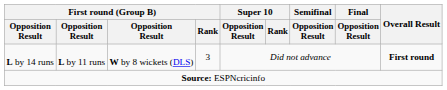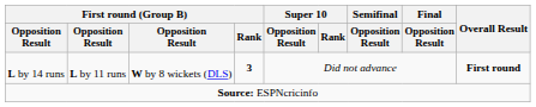 <table class=wikitable style=font-size:90%;text-align:center>
 <tr>
 <th colspan=4>First round (Group B)</th>
 <th colspan=2>Super 10</th>
 <th>Semifinal</th>
 <th>Final</th>
 <th rowspan=2>Overall Result</th>
 </tr>
 <tr style=font-size:95%>
 <th>Opposition<br>Result</th>
 <th>Opposition<br>Result</th>
 <th>Opposition<br>Result</th>
 <th>Rank</th>
 <th>Opposition<br>Result</th>
 <th>Rank</th>
 <th>Opposition<br>Result</th>
 <th>Opposition<br>Result</th>
 </tr>
 <tr>
 <td><br><strong>L</strong> by 14 runs</td>
 <td><br><strong>L</strong> by 11 runs</td>
 <td><br><strong>W</strong> by 8 wickets (<a href='#'>DLS</a>)</td>
-<td>3</td>
+<td><strong>3</strong></td>
 <td colspan="4"><em>Did not advance</em></td>
 <td><strong>First round</strong></td>
 </tr>
 <tr>
 <td colspan="11"><strong>Source:</strong> ESPNcricinfo</td>
 </tr>
 </table>
